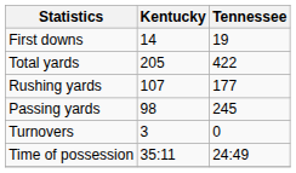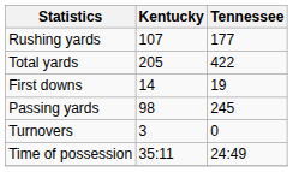 <table class="wikitable" style="float: left;">
 <tr>
 <th>Statistics</th>
 <th>Kentucky</th>
 <th>Tennessee</th>
 </tr>
 <tr>
-<td>First downs</td>
-<td>14</td>
-<td>19</td>
+<td>Rushing yards</td>
+<td>107</td>
+<td>177</td>
 </tr>
 <tr>
 <td>Total yards</td>
 <td>205</td>
 <td>422</td>
 </tr>
 <tr>
-<td>Rushing yards</td>
-<td>107</td>
-<td>177</td>
+<td>First downs</td>
+<td>14</td>
+<td>19</td>
 </tr>
 <tr>
 <td>Passing yards</td>
 <td>98</td>
 <td>245</td>
 </tr>
 <tr>
 <td>Turnovers</td>
 <td>3</td>
 <td>0</td>
 </tr>
 <tr>
 <td>Time of possession</td>
 <td>35:11</td>
 <td>24:49</td>
 </tr>
 <tr>
 </tr>
 </table>
